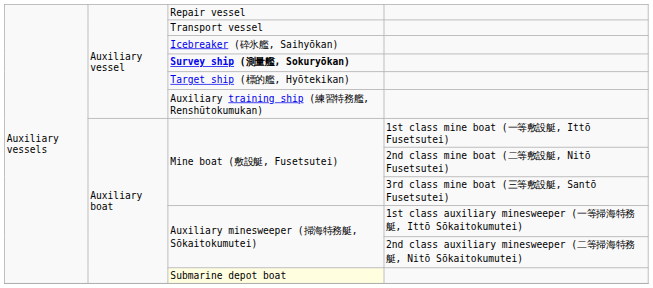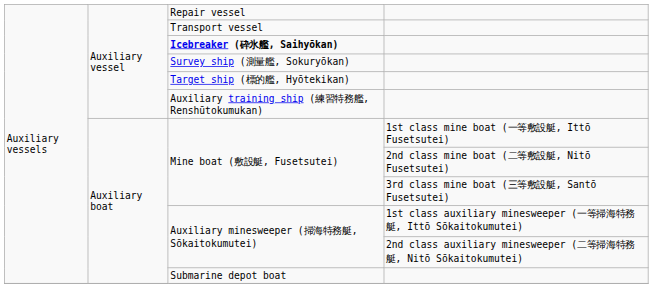 <table class="wikitable">
 <tr>
 <td rowspan="12">Auxiliary vessels</td>
 <td rowspan="6">Auxiliary vessel</td>
 <td>Repair vessel</td>
 <td></td>
 </tr>
 <tr>
 <td>Transport vessel</td>
 <td></td>
 </tr>
 <tr>
-<td><a href='#'>Icebreaker</a> (砕氷艦, Saihyōkan)</td>
+<td><strong><a href='#'>Icebreaker</a> (砕氷艦, Saihyōkan)</strong></td>
 <td></td>
 </tr>
 <tr>
-<td><strong><a href='#'>Survey ship</a> (測量艦, Sokuryōkan)</strong></td>
+<td><a href='#'>Survey ship</a> (測量艦, Sokuryōkan)</td>
 <td></td>
 </tr>
 <tr>
 <td><a href='#'>Target ship</a> (標的艦, Hyōtekikan)</td>
 <td></td>
 </tr>
 <tr>
 <td>Auxiliary <a href='#'>training ship</a> (練習特務艦, Renshūtokumukan)</td>
 <td></td>
 </tr>
 <tr>
 <td rowspan="6">Auxiliary boat</td>
 <td rowspan="3">Mine boat (敷設艇, Fusetsutei)</td>
 <td>1st class mine boat (一等敷設艇, Ittō Fusetsutei)</td>
 </tr>
 <tr>
 <td>2nd class mine boat (二等敷設艇, Nitō Fusetsutei)</td>
 </tr>
 <tr>
 <td>3rd class mine boat (三等敷設艇, Santō Fusetsutei)</td>
 </tr>
 <tr>
 <td rowspan="2">Auxiliary minesweeper (掃海特務艇, Sōkaitokumutei)</td>
 <td>1st class auxiliary minesweeper (一等掃海特務艇, Ittō Sōkaitokumutei)</td>
 </tr>
 <tr>
 <td>2nd class auxiliary minesweeper (二等掃海特務艇, Nitō Sōkaitokumutei)</td>
 </tr>
 <tr>
-<td style="background: lightyellow;">Submarine depot boat</td>
+<td>Submarine depot boat</td>
 <td></td>
 </tr>
 <tr>
 </tr>
 </table>
